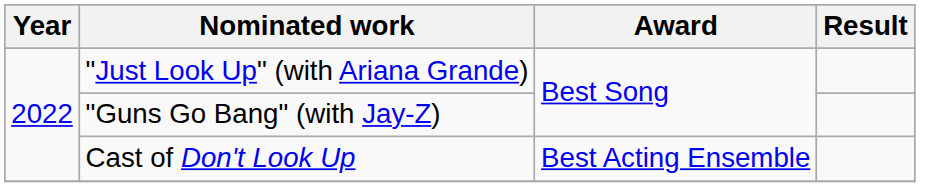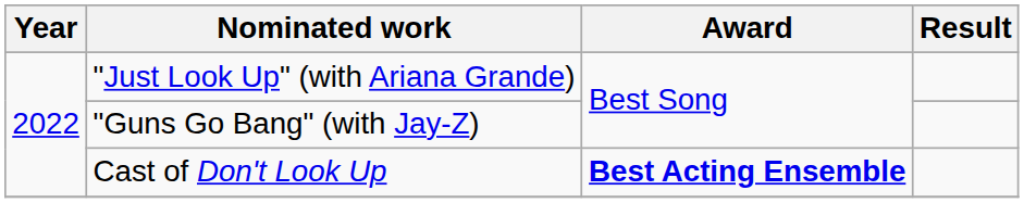 <table class="wikitable">
 <tr>
 <th>Year</th>
 <th>Nominated work</th>
 <th>Award</th>
 <th>Result</th>
 </tr>
 <tr>
 <td scope="row" rowspan="3"><a href='#'>2022</a></td>
 <td>"<a href='#'>Just Look Up</a>" (with <a href='#'>Ariana Grande</a>)</td>
 <td rowspan="2"><a href='#'>Best Song</a></td>
 <td></td>
 </tr>
 <tr>
 <td>"Guns Go Bang" (with <a href='#'>Jay-Z</a>)</td>
 <td></td>
 </tr>
 <tr>
 <td>Cast of <em><a href='#'>Don't Look Up</a></em></td>
-<td><a href='#'>Best Acting Ensemble</a></td>
+<td><strong><a href='#'>Best Acting Ensemble</a></strong></td>
 <td></td>
 </tr>
 <tr>
 </tr>
 </table>
